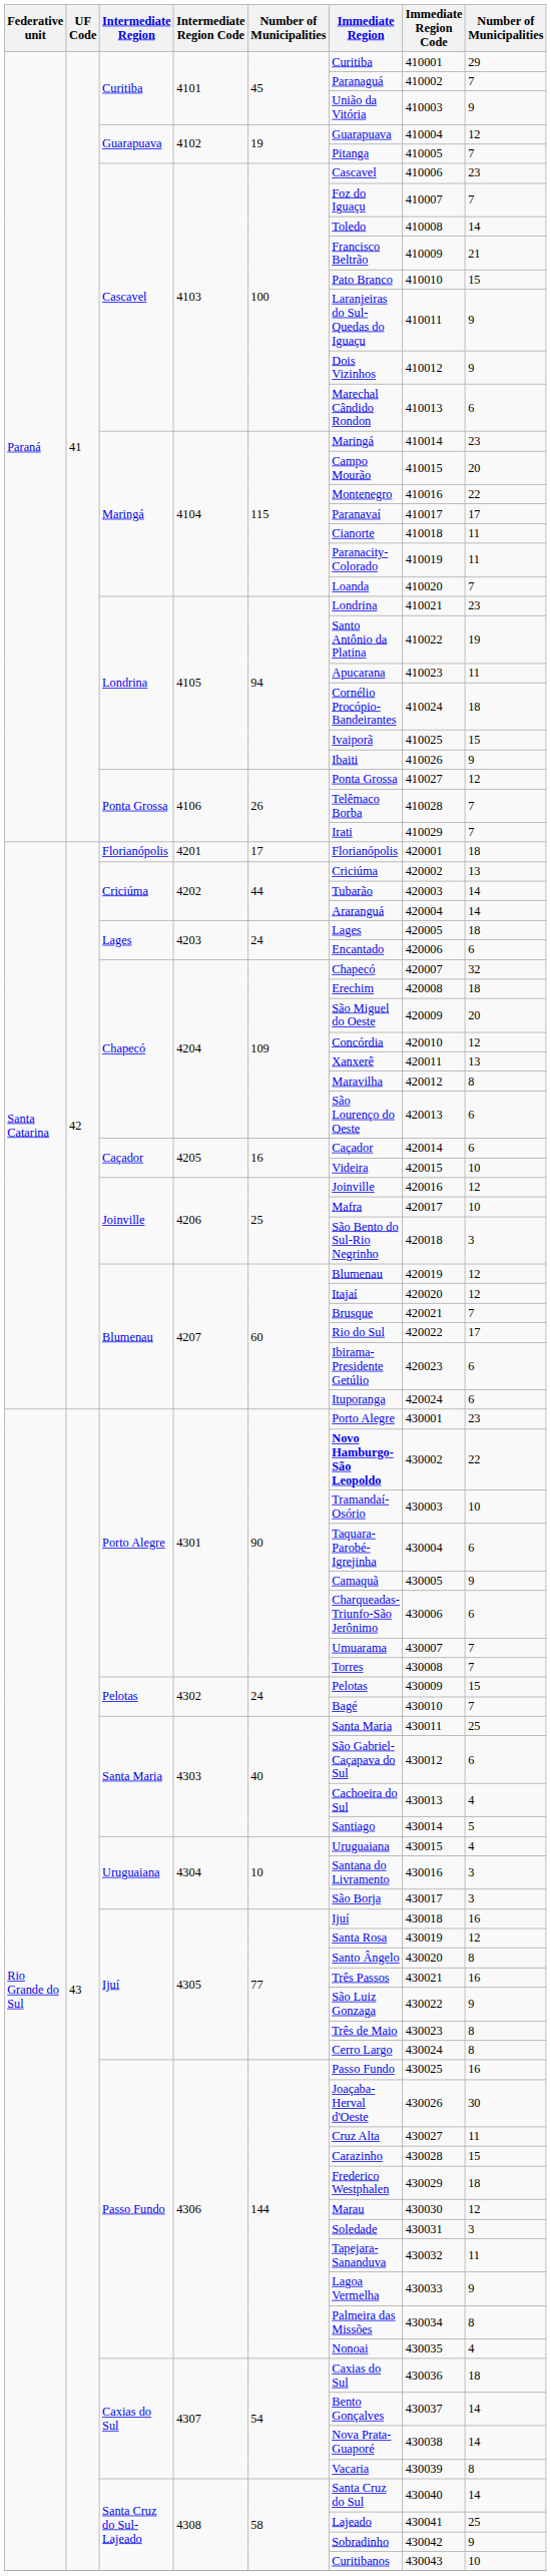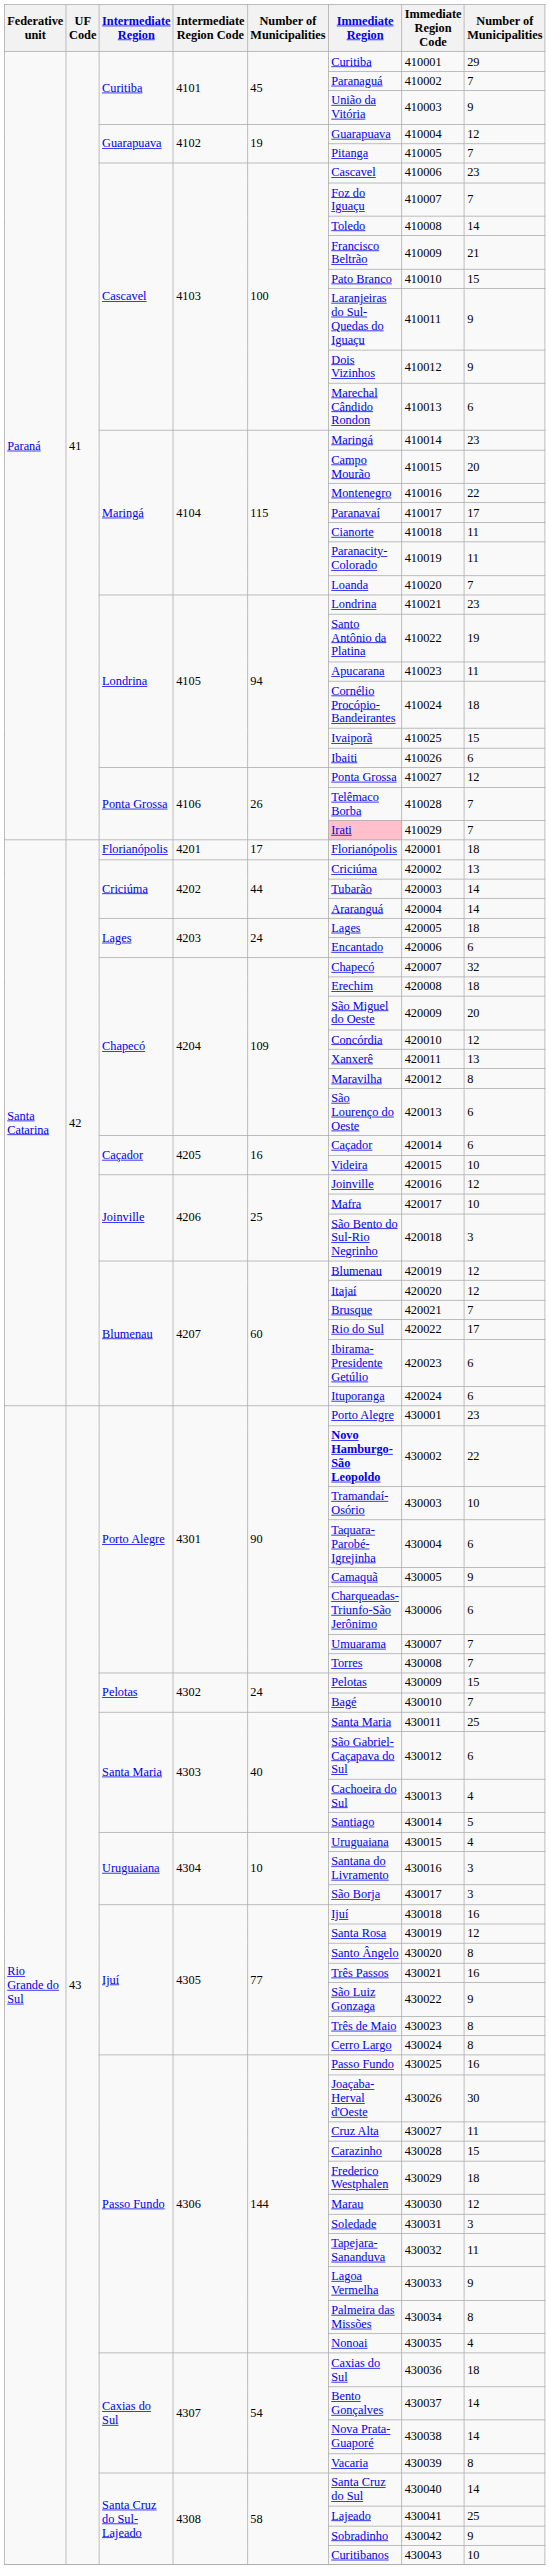 <table class="wikitable sortable">
 <tr>
 <th>Federative unit</th>
 <th>UF Code</th>
 <th><a href='#'>Intermediate Region</a></th>
 <th>Intermediate Region Code</th>
 <th>Number of Municipalities</th>
 <th><a href='#'>Immediate Region</a></th>
 <th>Immediate Region Code</th>
 <th>Number of Municipalities</th>
 </tr>
 <tr>
 <td rowspan="29"><a href='#'>Paraná</a></td>
 <td rowspan="29">41</td>
 <td rowspan="3"><a href='#'>Curitiba</a></td>
 <td rowspan="3">4101</td>
 <td rowspan="3">45</td>
 <td><a href='#'>Curitiba</a></td>
 <td>410001</td>
 <td>29</td>
 </tr>
 <tr>
 <td><a href='#'>Paranaguá</a></td>
 <td>410002</td>
 <td>7</td>
 </tr>
 <tr>
 <td><a href='#'>União da Vitória</a></td>
 <td>410003</td>
 <td>9</td>
 </tr>
 <tr>
 <td rowspan="2"><a href='#'>Guarapuava</a></td>
 <td rowspan="2">4102</td>
 <td rowspan="2">19</td>
 <td><a href='#'>Guarapuava</a></td>
 <td>410004</td>
 <td>12</td>
 </tr>
 <tr>
 <td><a href='#'>Pitanga</a></td>
 <td>410005</td>
 <td>7</td>
 </tr>
 <tr>
 <td rowspan="8"><a href='#'>Cascavel</a></td>
 <td rowspan="8">4103</td>
 <td rowspan="8">100</td>
 <td><a href='#'>Cascavel</a></td>
 <td>410006</td>
 <td>23</td>
 </tr>
 <tr>
 <td><a href='#'>Foz do Iguaçu</a></td>
 <td>410007</td>
 <td>7</td>
 </tr>
 <tr>
 <td><a href='#'>Toledo</a></td>
 <td>410008</td>
 <td>14</td>
 </tr>
 <tr>
 <td><a href='#'>Francisco Beltrão</a></td>
 <td>410009</td>
 <td>21</td>
 </tr>
 <tr>
 <td><a href='#'>Pato Branco</a></td>
 <td>410010</td>
 <td>15</td>
 </tr>
 <tr>
 <td><a href='#'>Laranjeiras do Sul-Quedas do Iguaçu</a></td>
 <td>410011</td>
 <td>9</td>
 </tr>
 <tr>
 <td><a href='#'>Dois Vizinhos</a></td>
 <td>410012</td>
 <td>9</td>
 </tr>
 <tr>
 <td><a href='#'>Marechal Cândido Rondon</a></td>
 <td>410013</td>
 <td>6</td>
 </tr>
 <tr>
 <td rowspan="7"><a href='#'>Maringá</a></td>
 <td rowspan="7">4104</td>
 <td rowspan="7">115</td>
 <td><a href='#'>Maringá</a></td>
 <td>410014</td>
 <td>23</td>
 </tr>
 <tr>
 <td><a href='#'>Campo Mourão</a></td>
 <td>410015</td>
 <td>20</td>
 </tr>
 <tr>
 <td><a href='#'>Montenegro</a></td>
 <td>410016</td>
 <td>22</td>
 </tr>
 <tr>
 <td><a href='#'>Paranavaí</a></td>
 <td>410017</td>
 <td>17</td>
 </tr>
 <tr>
 <td><a href='#'>Cianorte</a></td>
 <td>410018</td>
 <td>11</td>
 </tr>
 <tr>
 <td><a href='#'>Paranacity-Colorado</a></td>
 <td>410019</td>
 <td>11</td>
 </tr>
 <tr>
 <td><a href='#'>Loanda</a></td>
 <td>410020</td>
 <td>7</td>
 </tr>
 <tr>
 <td rowspan="6"><a href='#'>Londrina</a></td>
 <td rowspan="6">4105</td>
 <td rowspan="6">94</td>
 <td><a href='#'>Londrina</a></td>
 <td>410021</td>
 <td>23</td>
 </tr>
 <tr>
 <td><a href='#'>Santo Antônio da Platina</a></td>
 <td>410022</td>
 <td>19</td>
 </tr>
 <tr>
 <td><a href='#'>Apucarana</a></td>
 <td>410023</td>
 <td>11</td>
 </tr>
 <tr>
 <td><a href='#'>Cornélio Procópio-Bandeirantes</a></td>
 <td>410024</td>
 <td>18</td>
 </tr>
 <tr>
 <td><a href='#'>Ivaiporã</a></td>
 <td>410025</td>
 <td>15</td>
 </tr>
 <tr>
 <td><a href='#'>Ibaiti</a></td>
 <td>410026</td>
-<td>9</td>
+<td>6</td>
 </tr>
 <tr>
 <td rowspan="3"><a href='#'>Ponta Grossa</a></td>
 <td rowspan="3">4106</td>
 <td rowspan="3">26</td>
 <td><a href='#'>Ponta Grossa</a></td>
 <td>410027</td>
 <td>12</td>
 </tr>
 <tr>
 <td><a href='#'>Telêmaco Borba</a></td>
 <td>410028</td>
 <td>7</td>
 </tr>
 <tr>
-<td><a href='#'>Irati</a></td>
+<td style="background: pink;"><a href='#'>Irati</a></td>
 <td>410029</td>
 <td>7</td>
 </tr>
 <tr>
 <td rowspan="24"><a href='#'>Santa Catarina</a></td>
 <td rowspan="24">42</td>
 <td><a href='#'>Florianópolis</a></td>
 <td>4201</td>
 <td>17</td>
 <td><a href='#'>Florianópolis</a></td>
 <td>420001</td>
 <td>18</td>
 </tr>
 <tr>
 <td rowspan="3"><a href='#'>Criciúma</a></td>
 <td rowspan="3">4202</td>
 <td rowspan="3">44</td>
 <td><a href='#'>Criciúma</a></td>
 <td>420002</td>
 <td>13</td>
 </tr>
 <tr>
 <td><a href='#'>Tubarão</a></td>
 <td>420003</td>
 <td>14</td>
 </tr>
 <tr>
 <td><a href='#'>Araranguá</a></td>
 <td>420004</td>
 <td>14</td>
 </tr>
 <tr>
 <td rowspan="2"><a href='#'>Lages</a></td>
 <td rowspan="2">4203</td>
 <td rowspan="2">24</td>
 <td><a href='#'>Lages</a></td>
 <td>420005</td>
 <td>18</td>
 </tr>
 <tr>
 <td><a href='#'>Encantado</a></td>
 <td>420006</td>
 <td>6</td>
 </tr>
 <tr>
 <td rowspan="7"><a href='#'>Chapecó</a></td>
 <td rowspan="7">4204</td>
 <td rowspan="7">109</td>
 <td><a href='#'>Chapecó</a></td>
 <td>420007</td>
 <td>32</td>
 </tr>
 <tr>
 <td><a href='#'>Erechim</a></td>
 <td>420008</td>
 <td>18</td>
 </tr>
 <tr>
 <td><a href='#'>São Miguel do Oeste</a></td>
 <td>420009</td>
 <td>20</td>
 </tr>
 <tr>
 <td><a href='#'>Concórdia</a></td>
 <td>420010</td>
 <td>12</td>
 </tr>
 <tr>
 <td><a href='#'>Xanxerê</a></td>
 <td>420011</td>
 <td>13</td>
 </tr>
 <tr>
 <td><a href='#'>Maravilha</a></td>
 <td>420012</td>
 <td>8</td>
 </tr>
 <tr>
 <td><a href='#'>São Lourenço do Oeste</a></td>
 <td>420013</td>
 <td>6</td>
 </tr>
 <tr>
 <td rowspan="2"><a href='#'>Caçador</a></td>
 <td rowspan="2">4205</td>
 <td rowspan="2">16</td>
 <td><a href='#'>Caçador</a></td>
 <td>420014</td>
 <td>6</td>
 </tr>
 <tr>
 <td><a href='#'>Videira</a></td>
 <td>420015</td>
 <td>10</td>
 </tr>
 <tr>
 <td rowspan="3"><a href='#'>Joinville</a></td>
 <td rowspan="3">4206</td>
 <td rowspan="3">25</td>
 <td><a href='#'>Joinville</a></td>
 <td>420016</td>
 <td>12</td>
 </tr>
 <tr>
 <td><a href='#'>Mafra</a></td>
 <td>420017</td>
 <td>10</td>
 </tr>
 <tr>
 <td><a href='#'>São Bento do Sul-Rio Negrinho</a></td>
 <td>420018</td>
 <td>3</td>
 </tr>
 <tr>
 <td rowspan="6"><a href='#'>Blumenau</a></td>
 <td rowspan="6">4207</td>
 <td rowspan="6">60</td>
 <td><a href='#'>Blumenau</a></td>
 <td>420019</td>
 <td>12</td>
 </tr>
 <tr>
 <td><a href='#'>Itajaí</a></td>
 <td>420020</td>
 <td>12</td>
 </tr>
 <tr>
 <td><a href='#'>Brusque</a></td>
 <td>420021</td>
 <td>7</td>
 </tr>
 <tr>
 <td><a href='#'>Rio do Sul</a></td>
 <td>420022</td>
 <td>17</td>
 </tr>
 <tr>
 <td><a href='#'>Ibirama-Presidente Getúlio</a></td>
 <td>420023</td>
 <td>6</td>
 </tr>
 <tr>
 <td><a href='#'>Ituporanga</a></td>
 <td>420024</td>
 <td>6</td>
 </tr>
 <tr>
 <td rowspan="43"><a href='#'>Rio Grande do Sul</a></td>
 <td rowspan="43">43</td>
 <td rowspan="8"><a href='#'>Porto Alegre</a></td>
 <td rowspan="8">4301</td>
 <td rowspan="8">90</td>
 <td><a href='#'>Porto Alegre</a></td>
 <td>430001</td>
 <td>23</td>
 </tr>
 <tr>
 <td><strong><a href='#'>Novo Hamburgo-São Leopoldo</a></strong></td>
 <td>430002</td>
 <td>22</td>
 </tr>
 <tr>
 <td><a href='#'>Tramandaí-Osório</a></td>
 <td>430003</td>
 <td>10</td>
 </tr>
 <tr>
 <td><a href='#'>Taquara-Parobé-Igrejinha</a></td>
 <td>430004</td>
 <td>6</td>
 </tr>
 <tr>
 <td><a href='#'>Camaquã</a></td>
 <td>430005</td>
 <td>9</td>
 </tr>
 <tr>
 <td><a href='#'>Charqueadas-Triunfo-São Jerônimo</a></td>
 <td>430006</td>
 <td>6</td>
 </tr>
 <tr>
 <td><a href='#'>Umuarama</a></td>
 <td>430007</td>
 <td>7</td>
 </tr>
 <tr>
 <td><a href='#'>Torres</a></td>
 <td>430008</td>
 <td>7</td>
 </tr>
 <tr>
 <td rowspan="2"><a href='#'>Pelotas</a></td>
 <td rowspan="2">4302</td>
 <td rowspan="2">24</td>
 <td><a href='#'>Pelotas</a></td>
 <td>430009</td>
 <td>15</td>
 </tr>
 <tr>
 <td><a href='#'>Bagé</a></td>
 <td>430010</td>
 <td>7</td>
 </tr>
 <tr>
 <td rowspan="4"><a href='#'>Santa Maria</a></td>
 <td rowspan="4">4303</td>
 <td rowspan="4">40</td>
 <td><a href='#'>Santa Maria</a></td>
 <td>430011</td>
 <td>25</td>
 </tr>
 <tr>
 <td><a href='#'>São Gabriel-Caçapava do Sul</a></td>
 <td>430012</td>
 <td>6</td>
 </tr>
 <tr>
 <td><a href='#'>Cachoeira do Sul</a></td>
 <td>430013</td>
 <td>4</td>
 </tr>
 <tr>
 <td><a href='#'>Santiago</a></td>
 <td>430014</td>
 <td>5</td>
 </tr>
 <tr>
 <td rowspan="3"><a href='#'>Uruguaiana</a></td>
 <td rowspan="3">4304</td>
 <td rowspan="3">10</td>
 <td><a href='#'>Uruguaiana</a></td>
 <td>430015</td>
 <td>4</td>
 </tr>
 <tr>
 <td><a href='#'>Santana do Livramento</a></td>
 <td>430016</td>
 <td>3</td>
 </tr>
 <tr>
 <td><a href='#'>São Borja</a></td>
 <td>430017</td>
 <td>3</td>
 </tr>
 <tr>
 <td rowspan="7"><a href='#'>Ijuí</a></td>
 <td rowspan="7">4305</td>
 <td rowspan="7">77</td>
 <td><a href='#'>Ijuí</a></td>
 <td>430018</td>
 <td>16</td>
 </tr>
 <tr>
 <td><a href='#'>Santa Rosa</a></td>
 <td>430019</td>
 <td>12</td>
 </tr>
 <tr>
 <td><a href='#'>Santo Ângelo</a></td>
 <td>430020</td>
 <td>8</td>
 </tr>
 <tr>
 <td><a href='#'>Três Passos</a></td>
 <td>430021</td>
 <td>16</td>
 </tr>
 <tr>
 <td><a href='#'>São Luiz Gonzaga</a></td>
 <td>430022</td>
 <td>9</td>
 </tr>
 <tr>
 <td><a href='#'>Três de Maio</a></td>
 <td>430023</td>
 <td>8</td>
 </tr>
 <tr>
 <td><a href='#'>Cerro Largo</a></td>
 <td>430024</td>
 <td>8</td>
 </tr>
 <tr>
 <td rowspan="11"><a href='#'>Passo Fundo</a></td>
 <td rowspan="11">4306</td>
 <td rowspan="11">144</td>
 <td><a href='#'>Passo Fundo</a></td>
 <td>430025</td>
 <td>16</td>
 </tr>
 <tr>
 <td><a href='#'>Joaçaba-Herval d'Oeste</a></td>
 <td>430026</td>
 <td>30</td>
 </tr>
 <tr>
 <td><a href='#'>Cruz Alta</a></td>
 <td>430027</td>
 <td>11</td>
 </tr>
 <tr>
 <td><a href='#'>Carazinho</a></td>
 <td>430028</td>
 <td>15</td>
 </tr>
 <tr>
 <td><a href='#'>Frederico Westphalen</a></td>
 <td>430029</td>
 <td>18</td>
 </tr>
 <tr>
 <td><a href='#'>Marau</a></td>
 <td>430030</td>
 <td>12</td>
 </tr>
 <tr>
 <td><a href='#'>Soledade</a></td>
 <td>430031</td>
 <td>3</td>
 </tr>
 <tr>
 <td><a href='#'>Tapejara-Sananduva</a></td>
 <td>430032</td>
 <td>11</td>
 </tr>
 <tr>
 <td><a href='#'>Lagoa Vermelha</a></td>
 <td>430033</td>
 <td>9</td>
 </tr>
 <tr>
 <td><a href='#'>Palmeira das Missões</a></td>
 <td>430034</td>
 <td>8</td>
 </tr>
 <tr>
 <td><a href='#'>Nonoai</a></td>
 <td>430035</td>
 <td>4</td>
 </tr>
 <tr>
 <td rowspan="4"><a href='#'>Caxias do Sul</a></td>
 <td rowspan="4">4307</td>
 <td rowspan="4">54</td>
 <td><a href='#'>Caxias do Sul</a></td>
 <td>430036</td>
 <td>18</td>
 </tr>
 <tr>
 <td><a href='#'>Bento Gonçalves</a></td>
 <td>430037</td>
 <td>14</td>
 </tr>
 <tr>
 <td><a href='#'>Nova Prata-Guaporé</a></td>
 <td>430038</td>
 <td>14</td>
 </tr>
 <tr>
 <td><a href='#'>Vacaria</a></td>
 <td>430039</td>
 <td>8</td>
 </tr>
 <tr>
 <td rowspan="4"><a href='#'>Santa Cruz do Sul-Lajeado</a></td>
 <td rowspan="4">4308</td>
 <td rowspan="4">58</td>
 <td><a href='#'>Santa Cruz do Sul</a></td>
 <td>430040</td>
 <td>14</td>
 </tr>
 <tr>
 <td><a href='#'>Lajeado</a></td>
 <td>430041</td>
 <td>25</td>
 </tr>
 <tr>
 <td><a href='#'>Sobradinho</a></td>
 <td>430042</td>
 <td>9</td>
 </tr>
 <tr>
 <td><a href='#'>Curitibanos</a></td>
 <td>430043</td>
 <td>10</td>
 </tr>
 <tr>
 </tr>
 </table>
